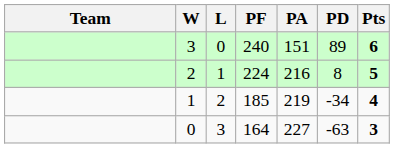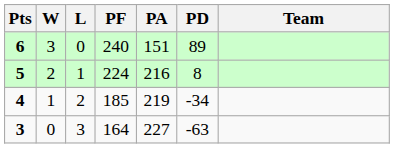 <table class="wikitable" style="text-align:center;">
 <tr>
-<th width=150>Team</th>
+<th width=20>Pts</th>
 <th width=20>W</th>
 <th width=20>L</th>
 <th width=30>PF</th>
 <th width=30>PA</th>
 <th width=30>PD</th>
-<th width=20>Pts</th>
+<th width=150>Team</th>
 </tr>
 <tr bgcolor="#ccffcc">
-<td align="left"></td>
+<td><strong>6</strong></td>
 <td>3</td>
 <td>0</td>
 <td>240</td>
 <td>151</td>
 <td>89</td>
-<td><strong>6</strong></td>
+<td align="left"></td>
 </tr>
 <tr bgcolor="#ccffcc">
-<td align="left"></td>
+<td><strong>5</strong></td>
 <td>2</td>
 <td>1</td>
 <td>224</td>
 <td>216</td>
 <td>8</td>
-<td><strong>5</strong></td>
+<td align="left"></td>
 </tr>
 <tr>
-<td align="left"></td>
+<td><strong>4</strong></td>
 <td>1</td>
 <td>2</td>
 <td>185</td>
 <td>219</td>
 <td>-34</td>
-<td><strong>4</strong></td>
+<td align="left"></td>
 </tr>
 <tr>
-<td align="left"></td>
+<td><strong>3</strong></td>
 <td>0</td>
 <td>3</td>
 <td>164</td>
 <td>227</td>
 <td>-63</td>
-<td><strong>3</strong></td>
+<td align="left"></td>
 </tr>
 </table>
